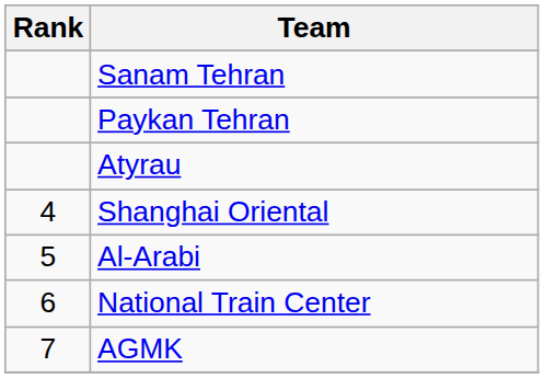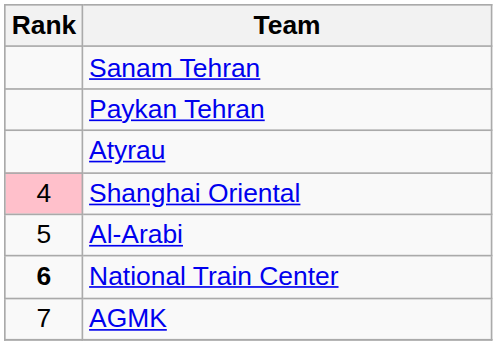 <table class="wikitable" style="text-align: center;">
 <tr>
 <th width=40>Rank</th>
 <th width=240>Team</th>
 </tr>
 <tr>
 <td></td>
 <td align="left"> <a href='#'>Sanam Tehran</a></td>
 </tr>
 <tr>
 <td></td>
 <td align="left"> <a href='#'>Paykan Tehran</a></td>
 </tr>
 <tr>
 <td></td>
 <td align="left"> <a href='#'>Atyrau</a></td>
 </tr>
 <tr>
-<td>4</td>
+<td style="background: pink;">4</td>
 <td align="left"> <a href='#'>Shanghai Oriental</a></td>
 </tr>
 <tr>
 <td>5</td>
 <td align="left"> <a href='#'>Al-Arabi</a></td>
 </tr>
 <tr>
-<td>6</td>
+<td><strong>6</strong></td>
 <td align="left"> <a href='#'>National Train Center</a></td>
 </tr>
 <tr>
 <td>7</td>
 <td align="left"> <a href='#'>AGMK</a></td>
 </tr>
 <tr>
 </tr>
 </table>
